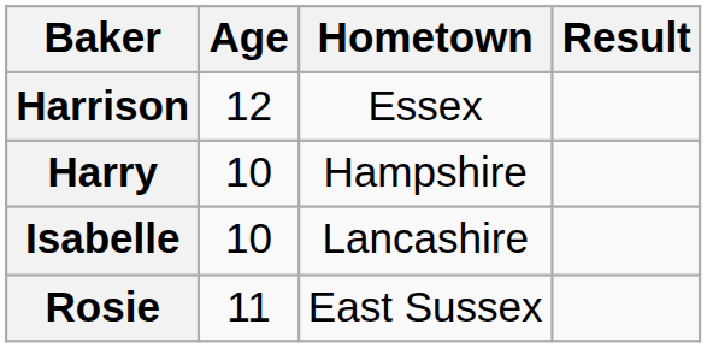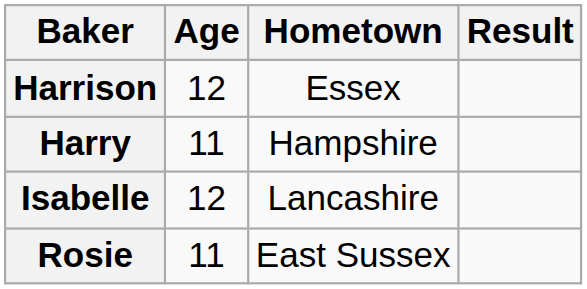 <table class="wikitable sortable" style="display:inline-table; text-align:center">
 <tr>
 <th scope="col">Baker</th>
 <th scope="col">Age</th>
 <th scope="col">Hometown</th>
 <th scope="col">Result</th>
 </tr>
 <tr>
 <th scope="row">Harrison</th>
 <td>12</td>
 <td>Essex</td>
 <td></td>
 </tr>
 <tr>
 <th scope="row">Harry</th>
-<td>10</td>
+<td>11</td>
 <td>Hampshire</td>
 <td></td>
 </tr>
 <tr>
 <th scope="row">Isabelle</th>
-<td>10</td>
+<td>12</td>
 <td>Lancashire</td>
 <td></td>
 </tr>
 <tr>
 <th scope="row">Rosie</th>
 <td>11</td>
 <td>East Sussex</td>
 <td></td>
 </tr>
 </table>
